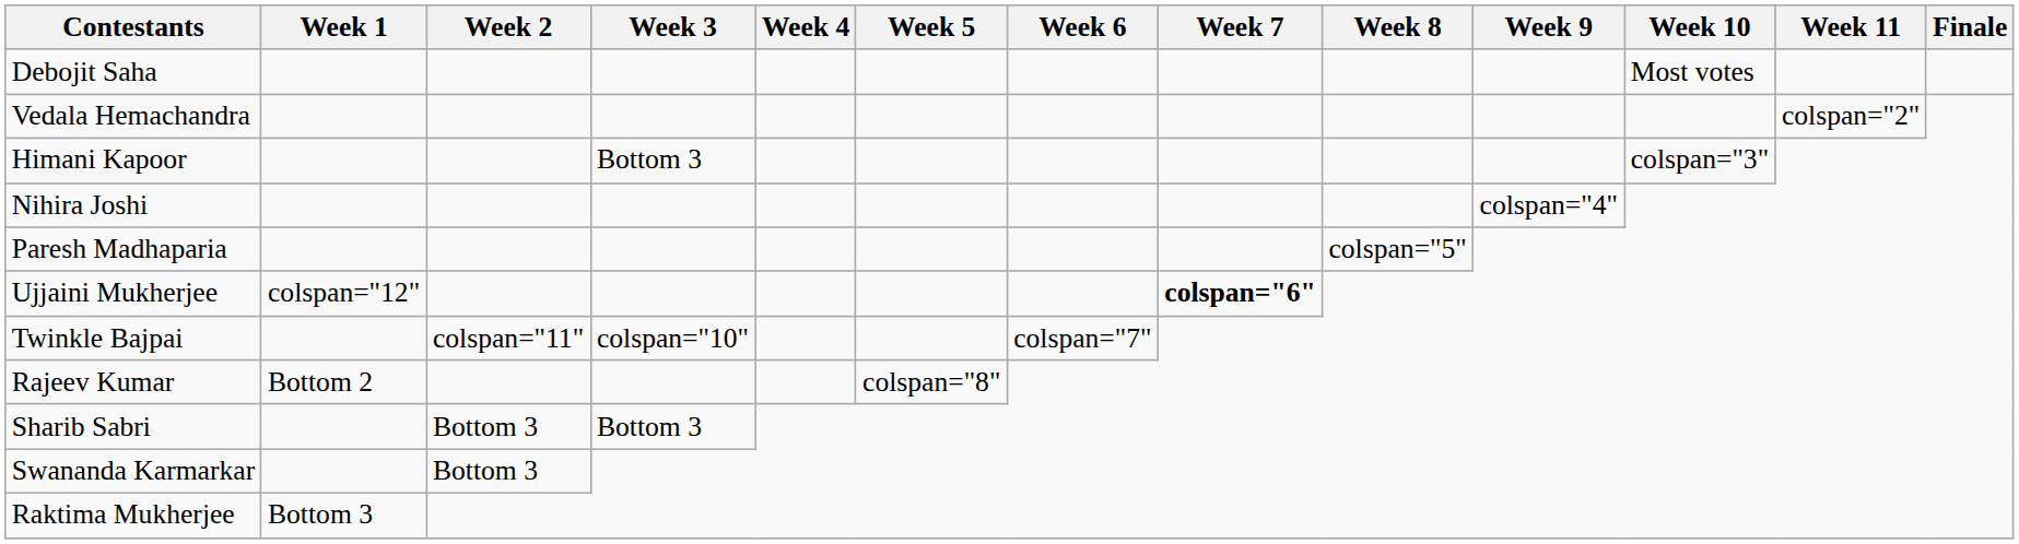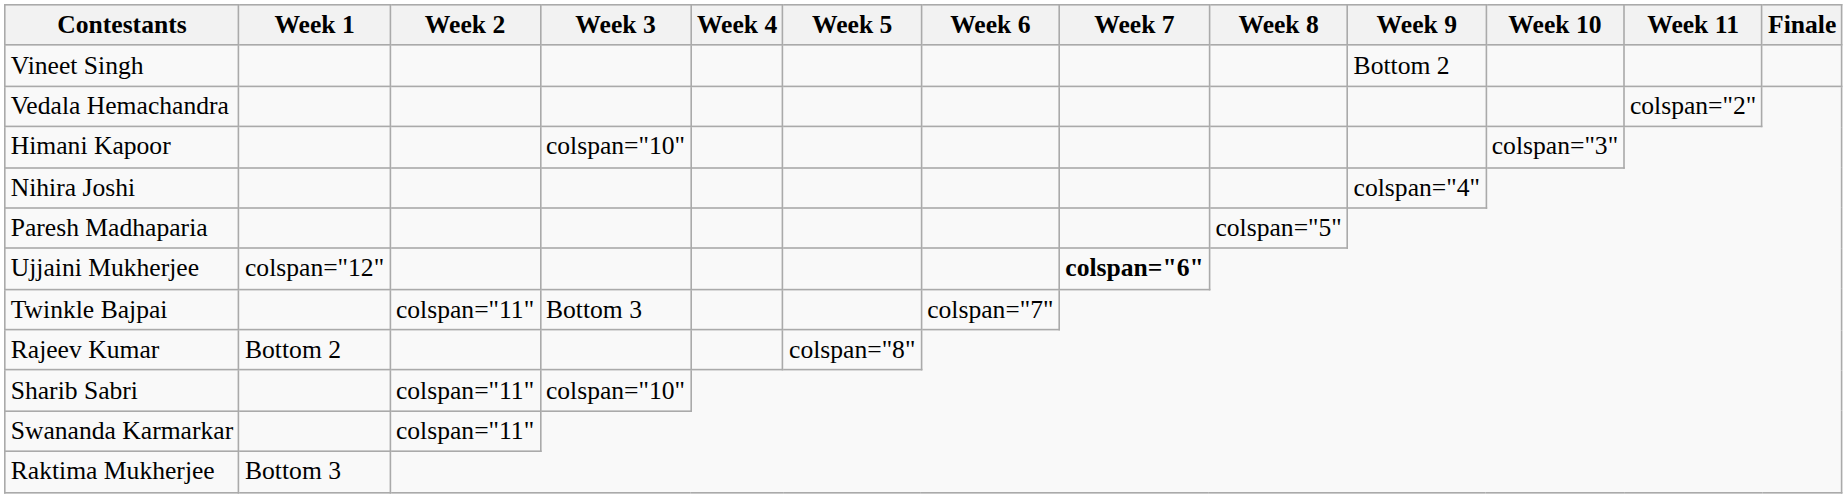 <table class="wikitable">
 <tr>
 <th>Contestants</th>
 <th>Week 1</th>
 <th>Week 2</th>
 <th>Week 3</th>
 <th>Week 4</th>
 <th>Week 5</th>
 <th>Week 6</th>
 <th>Week 7</th>
 <th>Week 8</th>
 <th>Week 9</th>
 <th>Week 10</th>
 <th>Week 11</th>
 <th>Finale</th>
 </tr>
 <tr>
-<td>Debojit Saha</td>
+<td>Vineet Singh</td>
 <td></td>
 <td></td>
 <td></td>
 <td></td>
 <td></td>
 <td></td>
 <td></td>
 <td></td>
+<td>Bottom 2</td>
 <td></td>
-<td>Most votes</td>
 <td></td>
 <td></td>
 </tr>
 <tr>
 <td>Vedala Hemachandra</td>
 <td></td>
 <td></td>
 <td></td>
 <td></td>
 <td></td>
 <td></td>
 <td></td>
 <td></td>
 <td></td>
 <td></td>
 <td>colspan="2" </td>
 </tr>
 <tr>
 <td>Himani Kapoor</td>
 <td></td>
 <td></td>
-<td>Bottom 3</td>
+<td>colspan="10" </td>
 <td></td>
 <td></td>
 <td></td>
 <td></td>
 <td></td>
 <td></td>
 <td>colspan="3" </td>
 </tr>
 <tr>
 <td>Nihira Joshi</td>
 <td></td>
 <td></td>
 <td></td>
 <td></td>
 <td></td>
 <td></td>
 <td></td>
 <td></td>
 <td>colspan="4" </td>
 </tr>
 <tr>
 <td>Paresh Madhaparia</td>
 <td></td>
 <td></td>
 <td></td>
 <td></td>
 <td></td>
 <td></td>
 <td></td>
 <td>colspan="5" </td>
 </tr>
 <tr>
 <td>Ujjaini Mukherjee</td>
 <td>colspan="12" </td>
 <td></td>
 <td></td>
 <td></td>
 <td></td>
 <td></td>
 <td><strong>colspan="6" </strong></td>
 </tr>
 <tr>
 <td>Twinkle Bajpai</td>
 <td></td>
 <td>colspan="11" </td>
-<td>colspan="10" </td>
+<td>Bottom 3</td>
 <td></td>
 <td></td>
 <td>colspan="7" </td>
 </tr>
 <tr>
 <td>Rajeev Kumar</td>
 <td>Bottom 2</td>
 <td></td>
 <td></td>
 <td></td>
 <td>colspan="8" </td>
 </tr>
 <tr>
 <td>Sharib Sabri</td>
 <td></td>
-<td>Bottom 3</td>
-<td>Bottom 3</td>
+<td>colspan="11" </td>
+<td>colspan="10" </td>
 </tr>
 <tr>
 <td>Swananda Karmarkar</td>
 <td></td>
-<td>Bottom 3</td>
+<td>colspan="11" </td>
 </tr>
 <tr>
 <td>Raktima Mukherjee</td>
 <td>Bottom 3</td>
 </tr>
 </table>
